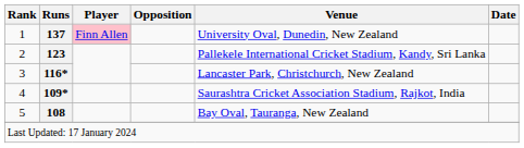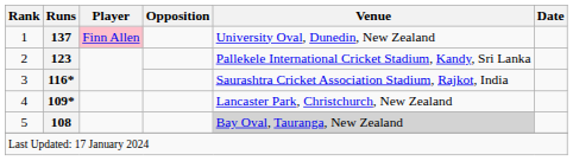 <table class="wikitable plainrowheaders sortable">
 <tr>
 <th scope=col>Rank</th>
 <th scope=col>Runs</th>
 <th scope=col>Player</th>
 <th scope=col>Opposition</th>
 <th scope=col>Venue</th>
 <th scope=col>Date</th>
 </tr>
 <tr>
 <td align=center>1</td>
 <th scope=row style=text-align:center;>137</th>
 <td style="background: pink;"><a href='#'>Finn Allen</a></td>
 <td></td>
 <td><a href='#'>University Oval</a>, <a href='#'>Dunedin</a>, New Zealand</td>
 <td></td>
 </tr>
 <tr>
 <td align=center>2</td>
 <th scope=row style=text-align:center;>123</th>
 <td rowspan=2></td>
 <td></td>
 <td><a href='#'>Pallekele International Cricket Stadium</a>, <a href='#'>Kandy</a>, Sri Lanka</td>
 <td> </td>
 </tr>
 <tr>
 <td align=center>3</td>
 <th scope=row style=text-align:center;>116*</th>
 <td></td>
-<td><a href='#'>Lancaster Park</a>, <a href='#'>Christchurch</a>, New Zealand</td>
+<td><a href='#'>Saurashtra Cricket Association Stadium</a>, <a href='#'>Rajkot</a>, India</td>
 <td></td>
 </tr>
 <tr>
 <td align=center>4</td>
 <th scope=row style=text-align:center;>109*</th>
 <td></td>
 <td></td>
-<td><a href='#'>Saurashtra Cricket Association Stadium</a>, <a href='#'>Rajkot</a>, India</td>
+<td><a href='#'>Lancaster Park</a>, <a href='#'>Christchurch</a>, New Zealand</td>
 <td></td>
 </tr>
 <tr>
 <td align=center>5</td>
 <th scope=row style=text-align:center;>108</th>
 <td></td>
 <td></td>
-<td><a href='#'>Bay Oval</a>, <a href='#'>Tauranga</a>, New Zealand</td>
+<td style="background: lightgrey;"><a href='#'>Bay Oval</a>, <a href='#'>Tauranga</a>, New Zealand</td>
 <td></td>
 </tr>
 <tr>
 </tr>
 <tr class=sortbottom>
 <td colspan=6><small>Last Updated: 17 January 2024</small></td>
 </tr>
 </table>
